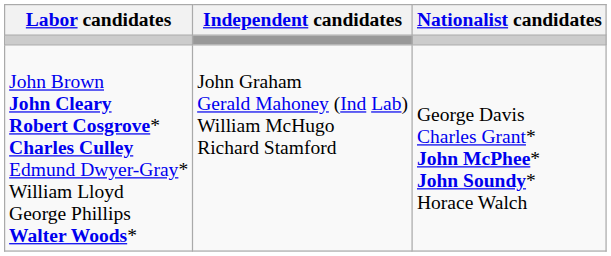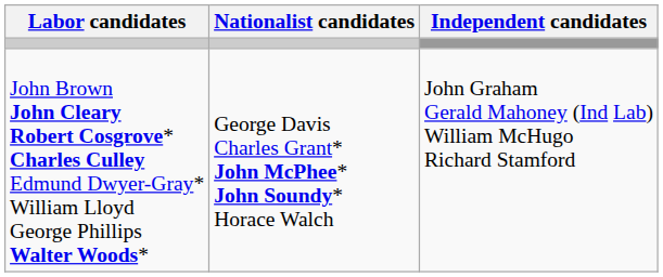 <table class="wikitable">
 <tr>
 <th><a href='#'>Labor</a> candidates</th>
+<th><a href='#'>Nationalist</a> candidates</th>
 <th><a href='#'>Independent</a> candidates</th>
-<th><a href='#'>Nationalist</a> candidates</th>
 </tr>
 <tr bgcolor="#cccccc">
 <td></td>
+<td></td>
 <td bgcolor="#999999"></td>
-<td></td>
 </tr>
 <tr>
 <td><br><a href='#'>John Brown</a><br> <strong><a href='#'>John Cleary</a></strong><br> <strong><a href='#'>Robert Cosgrove</a></strong>*<br> <strong><a href='#'>Charles Culley</a></strong><br> <a href='#'>Edmund Dwyer-Gray</a>*<br> William Lloyd<br> George Phillips<br> <strong><a href='#'>Walter Woods</a></strong>*</td>
+<td><br>George Davis<br> <a href='#'>Charles Grant</a>*<br> <strong><a href='#'>John McPhee</a></strong>*<br> <strong><a href='#'>John Soundy</a></strong>*<br> Horace Walch</td>
 <td valign=top><br>John Graham<br> <a href='#'>Gerald Mahoney</a> (<a href='#'>Ind</a> <a href='#'>Lab</a>)<br> William McHugo<br> Richard Stamford</td>
-<td><br>George Davis<br> <a href='#'>Charles Grant</a>*<br> <strong><a href='#'>John McPhee</a></strong>*<br> <strong><a href='#'>John Soundy</a></strong>*<br> Horace Walch</td>
 </tr>
 </table>
